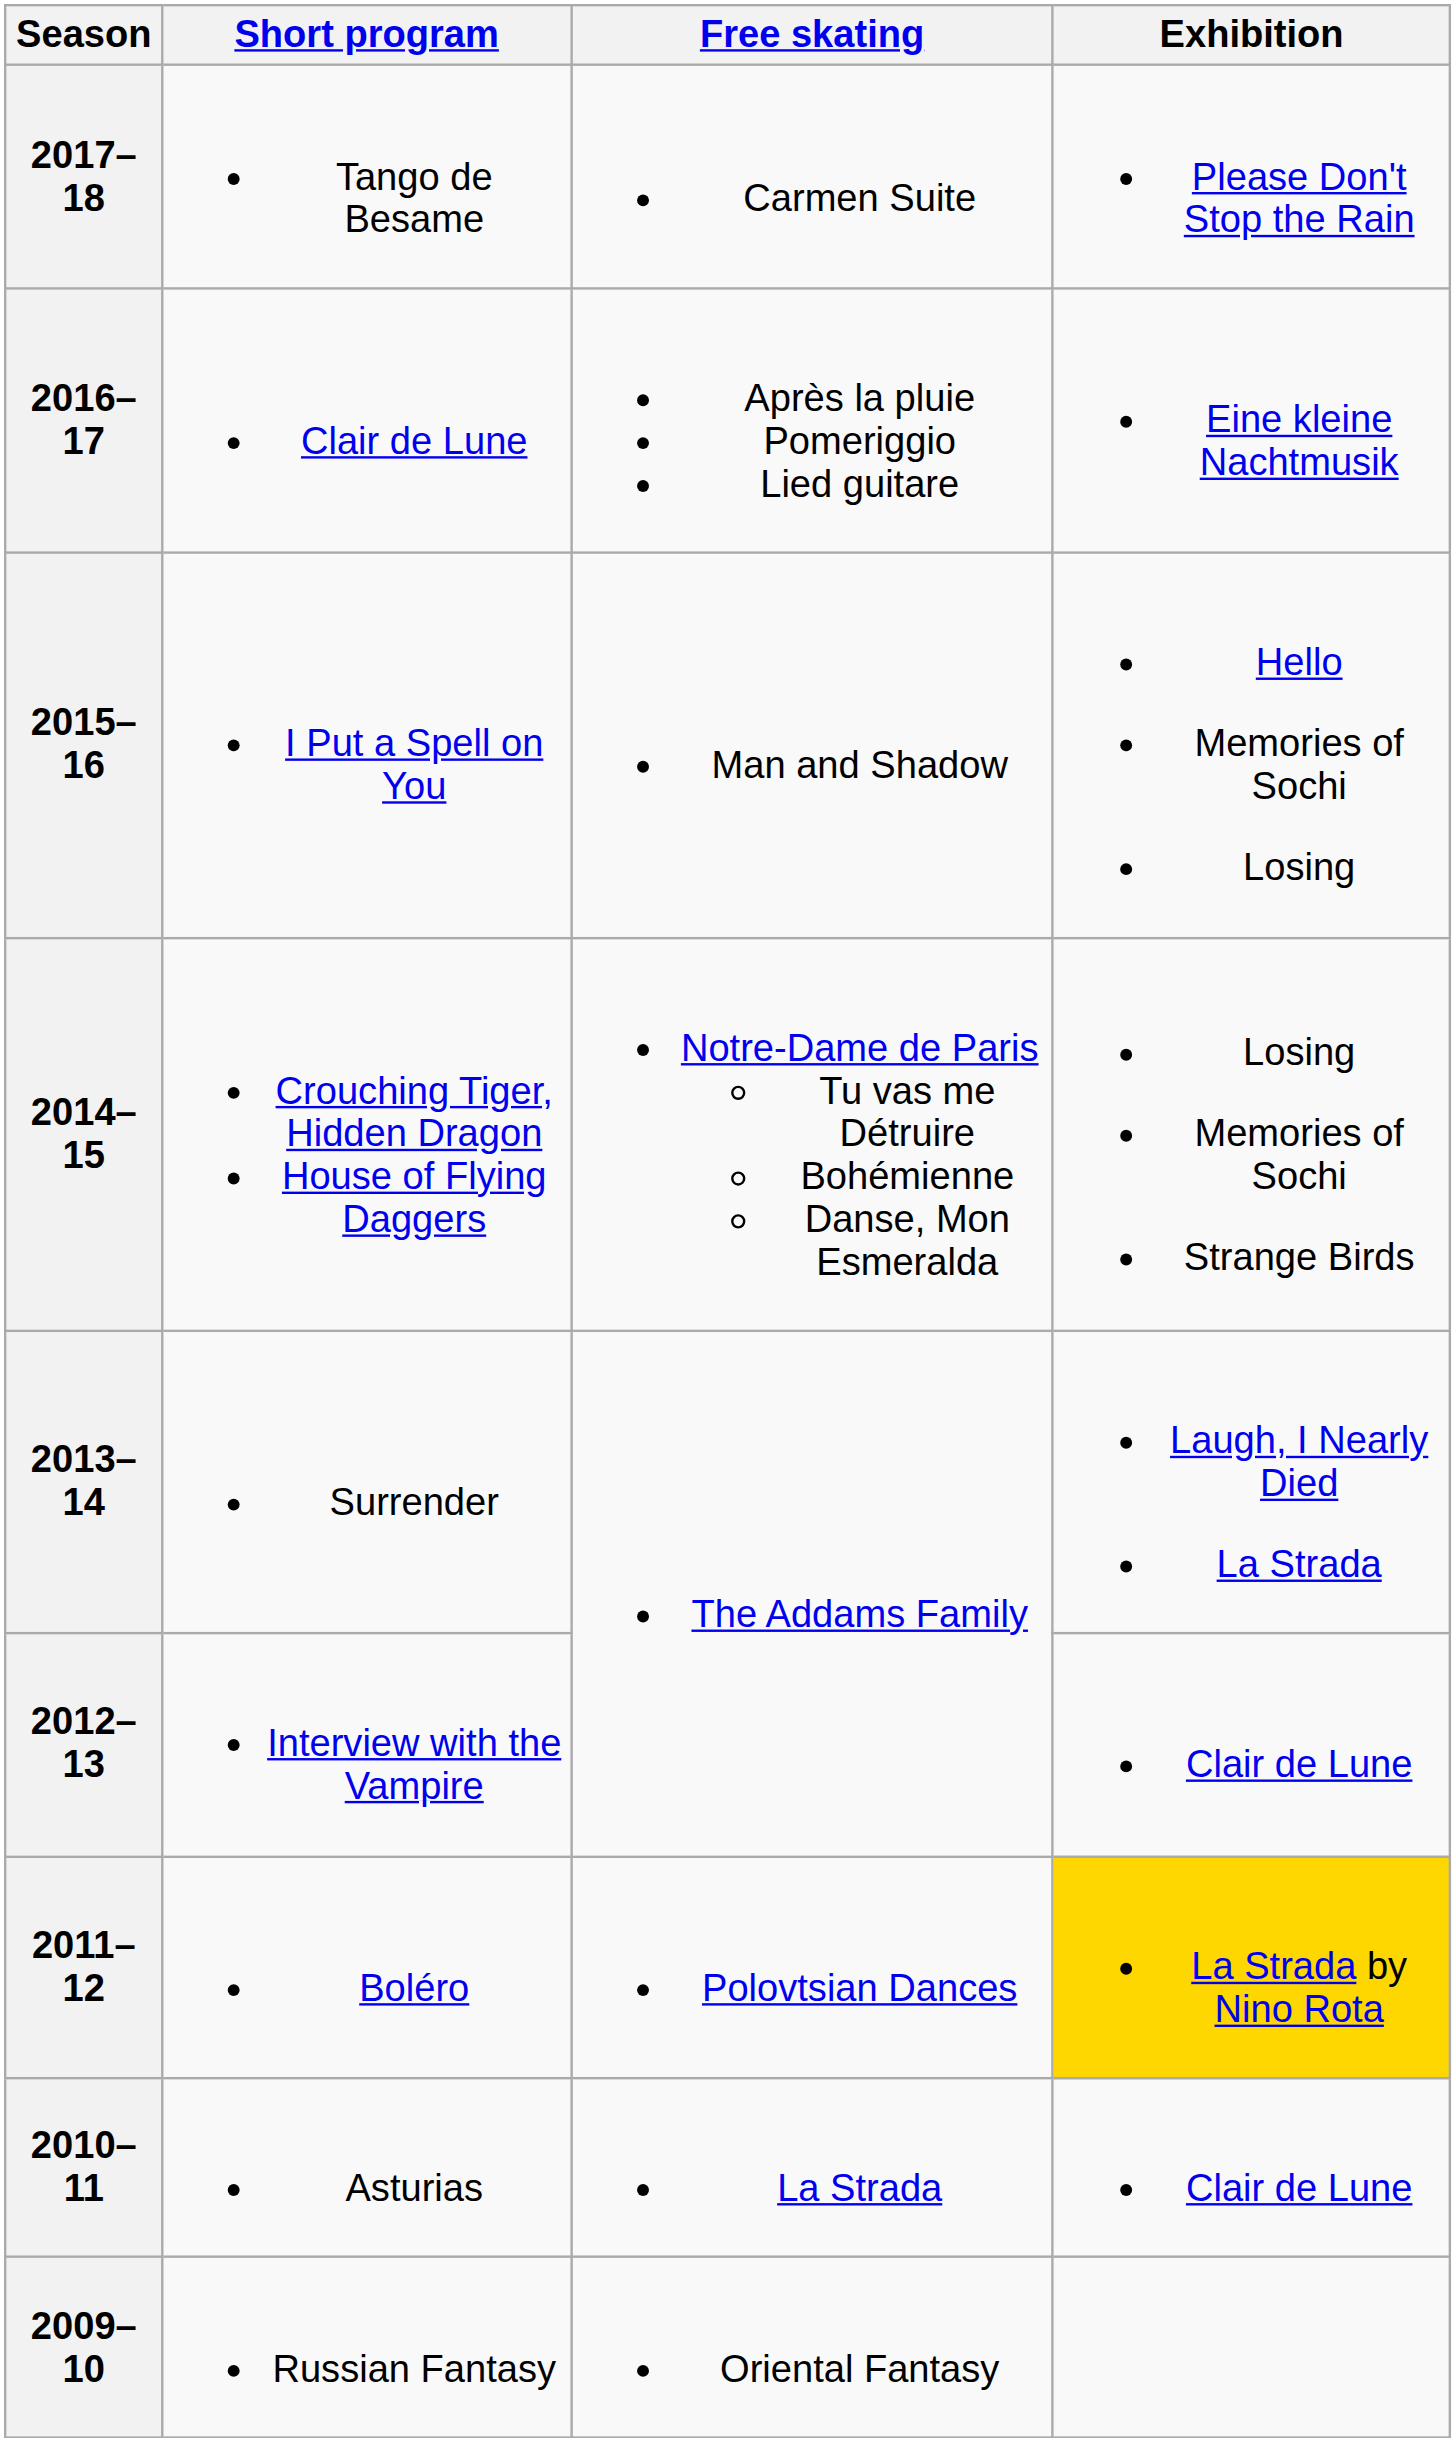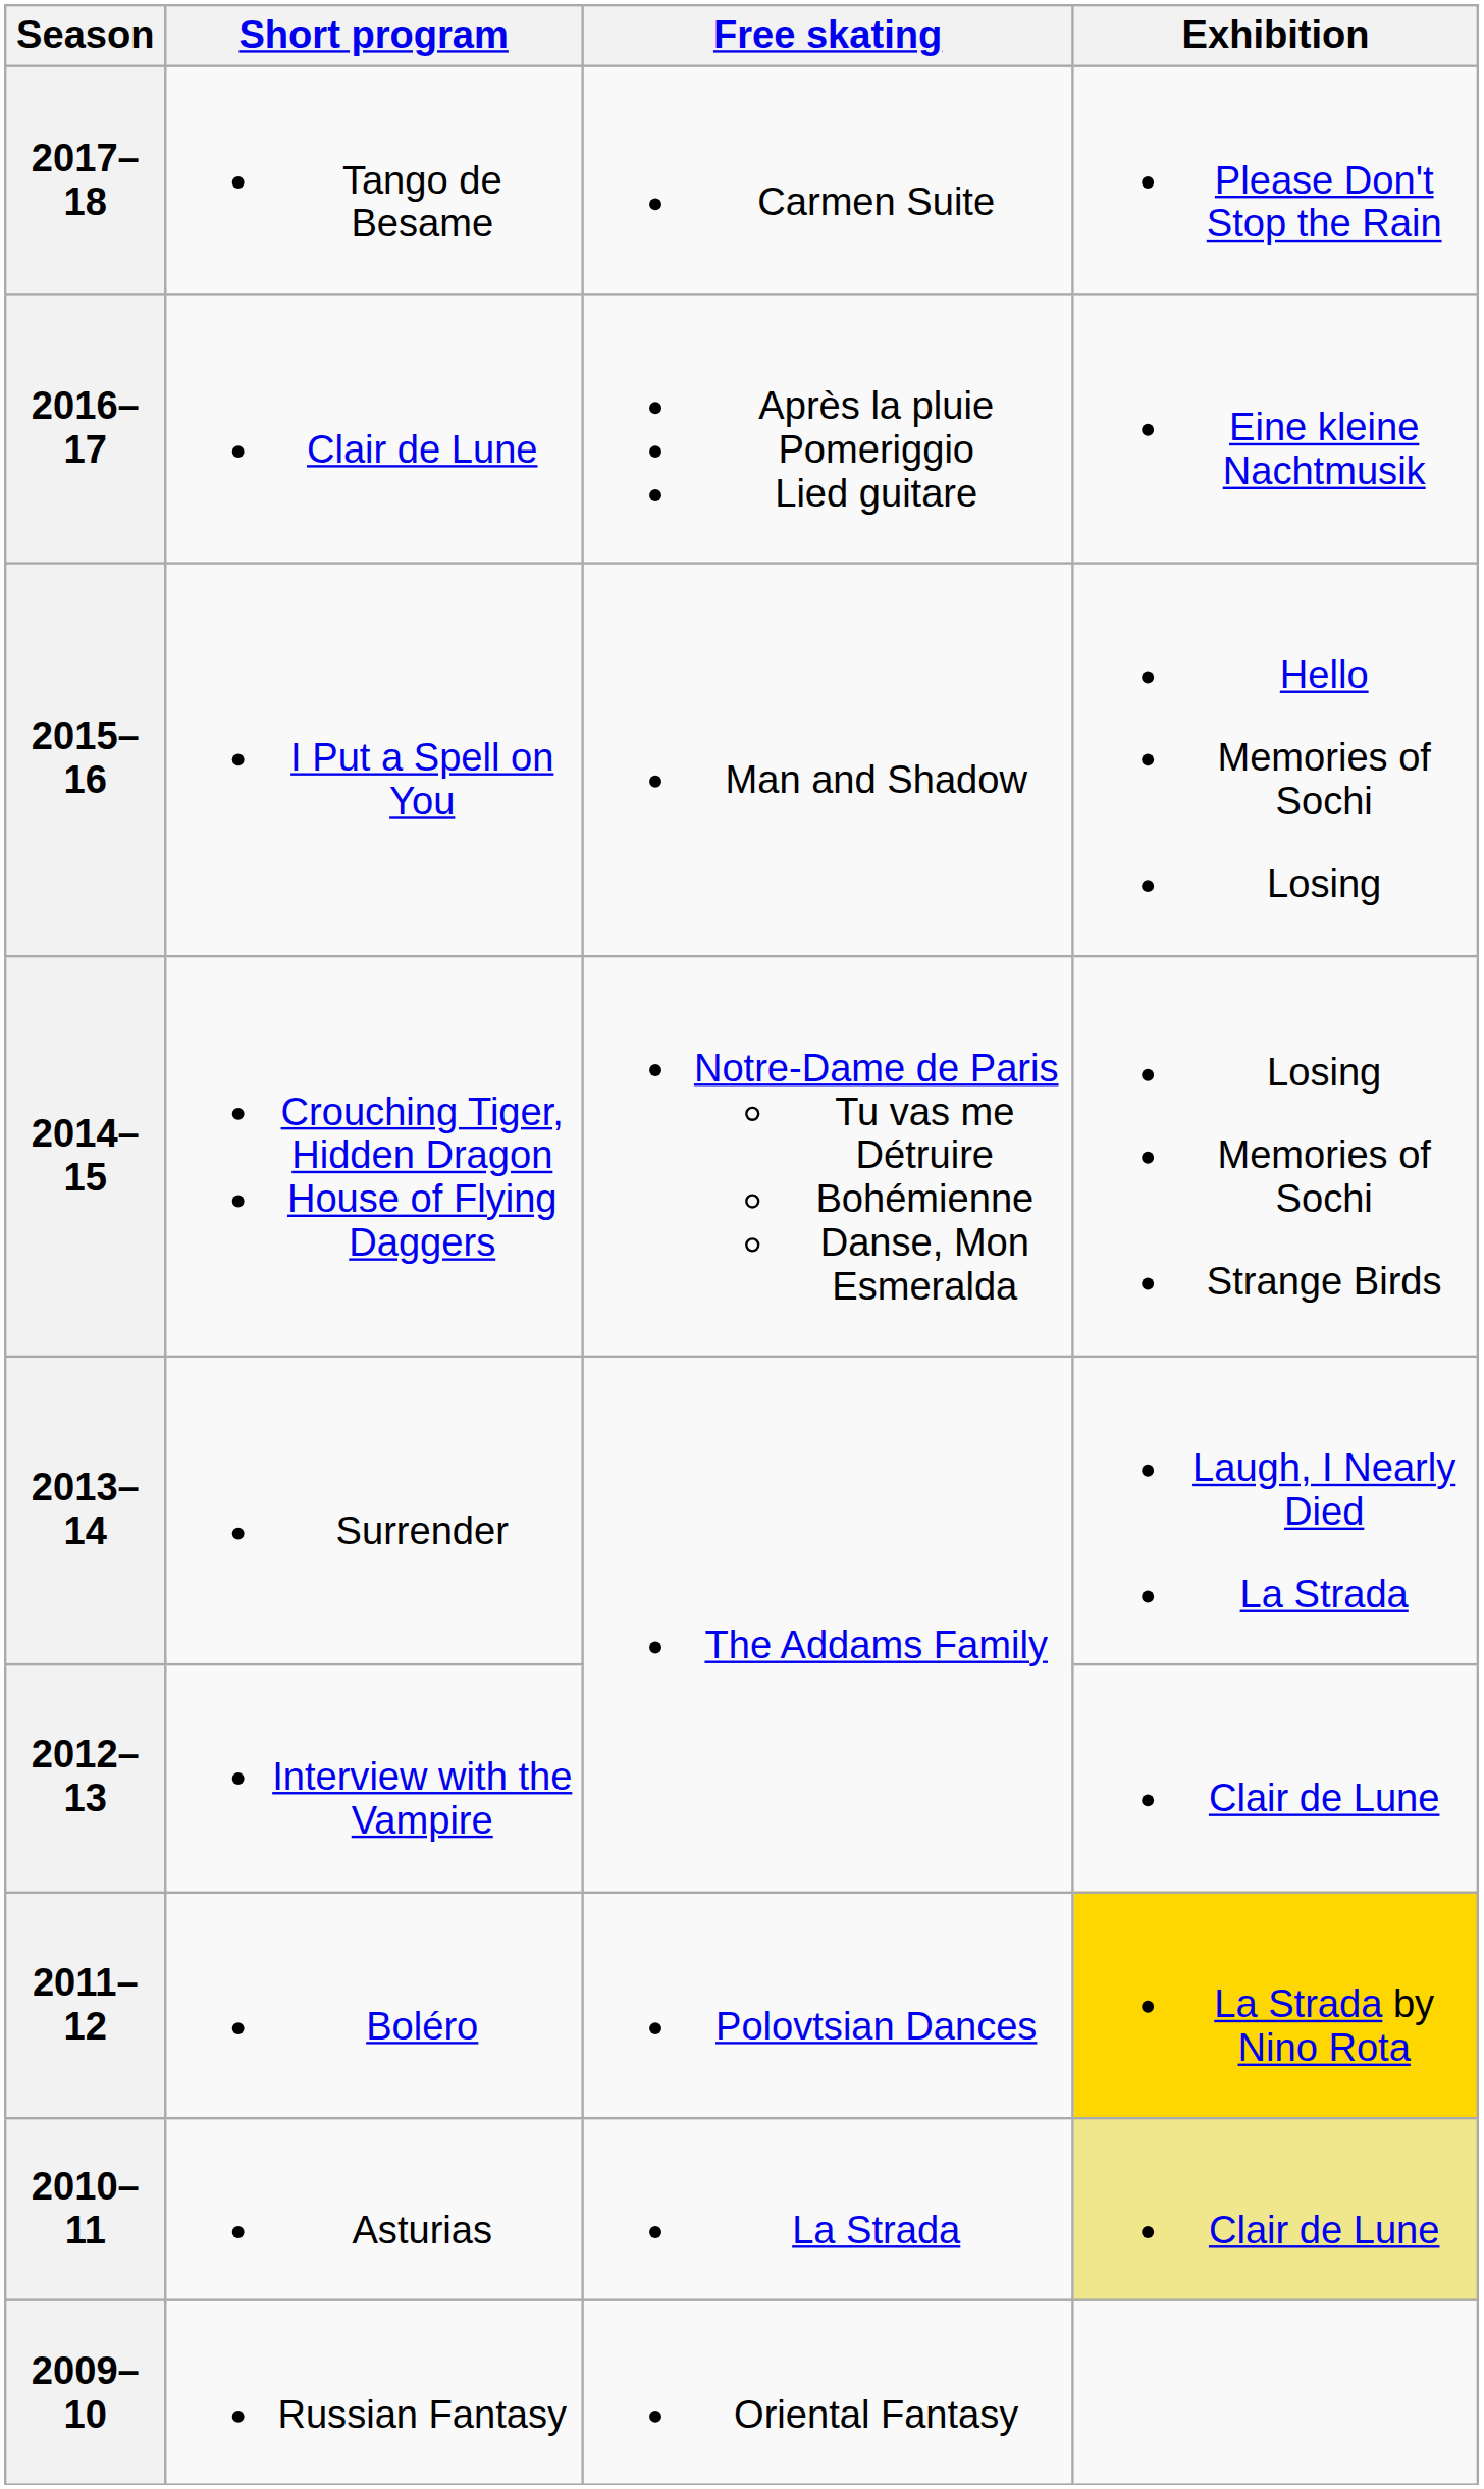 <table class="wikitable" style="text-align:center">
 <tr>
 <th>Season</th>
 <th><a href='#'>Short program</a></th>
 <th><a href='#'>Free skating</a></th>
 <th>Exhibition</th>
 </tr>
 <tr>
 <th>2017–18 <br> </th>
 <td><br><ul><li>Tango de Besame <br></li></ul></td>
 <td><br><ul><li>Carmen Suite</li></ul></td>
 <td><br><ul><li><a href='#'>Please Don't Stop the Rain</a> <br></li></ul></td>
 </tr>
 <tr>
 <th>2016–17 <br> </th>
 <td><br><ul><li><a href='#'>Clair de Lune</a> <br></li></ul></td>
 <td><br><ul><li>Après la pluie</li><li>Pomeriggio</li><li>Lied guitare <br></li></ul></td>
 <td><br><ul><li><a href='#'>Eine kleine Nachtmusik</a> <br></li></ul></td>
 </tr>
 <tr>
 <th>2015–16 <br> </th>
 <td><br><ul><li><a href='#'>I Put a Spell on You</a> <br></li></ul></td>
 <td><br><ul><li>Man and Shadow  <br></li></ul></td>
 <td><br><ul><li><a href='#'>Hello</a> <br></li></ul><ul><li>Memories of Sochi</li></ul><ul><li>Losing <br></li></ul></td>
 </tr>
 <tr>
 <th>2014–15 <br> </th>
 <td><br><ul><li><a href='#'>Crouching Tiger, Hidden Dragon</a> <br></li><li><a href='#'>House of Flying Daggers</a> <br></li></ul></td>
 <td><br><ul><li><a href='#'>Notre-Dame de Paris</a> <br><ul><li>Tu vas me Détruire <br></li><li>Bohémienne <br></li><li>Danse, Mon Esmeralda <br></li></ul></li></ul></td>
 <td><br><ul><li>Losing <br></li></ul><ul><li>Memories of Sochi</li></ul><ul><li>Strange Birds <br></li></ul></td>
 </tr>
 <tr>
 <th>2013–14 <br> </th>
 <td><br><ul><li>Surrender <br></li></ul></td>
 <td rowspan=2><br><ul><li><a href='#'>The Addams Family</a> <br></li></ul></td>
 <td><br><ul><li><a href='#'>Laugh, I Nearly Died</a> <br></li></ul><ul><li><a href='#'>La Strada</a> <br></li></ul></td>
 </tr>
 <tr>
 <th>2012–13 <br> </th>
 <td><br><ul><li><a href='#'>Interview with the Vampire</a> <br></li></ul></td>
 <td><br><ul><li><a href='#'>Clair de Lune</a> <br></li></ul></td>
 </tr>
 <tr>
 <th>2011–12 <br> </th>
 <td><br><ul><li><a href='#'>Boléro</a> <br></li></ul></td>
 <td><br><ul><li><a href='#'>Polovtsian Dances</a> <br></li></ul></td>
 <td style="background: gold;"><br><ul><li><a href='#'>La Strada</a> by <a href='#'>Nino Rota</a></li></ul></td>
 </tr>
 <tr>
 <th>2010–11 <br> </th>
 <td><br><ul><li>Asturias <br></li></ul></td>
 <td><br><ul><li><a href='#'>La Strada</a> <br></li></ul></td>
-<td><br><ul><li><a href='#'>Clair de Lune</a> <br></li></ul></td>
+<td style="background: khaki;"><br><ul><li><a href='#'>Clair de Lune</a> <br></li></ul></td>
 </tr>
 <tr>
 <th>2009–10 <br> </th>
 <td><br><ul><li>Russian Fantasy <br></li></ul></td>
 <td><br><ul><li>Oriental Fantasy <br></li></ul></td>
 <td></td>
 </tr>
 </table>
